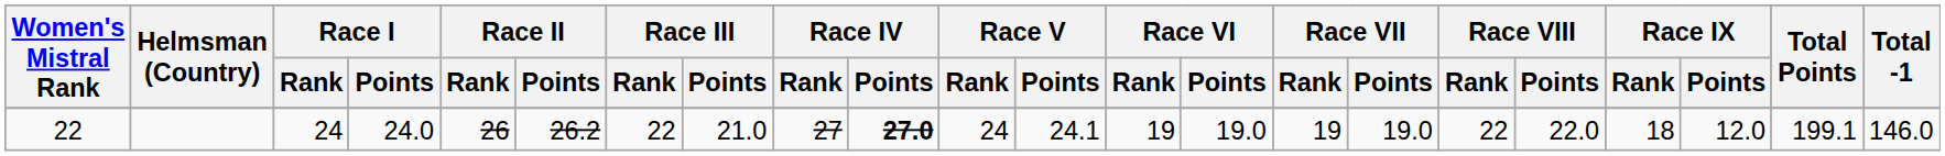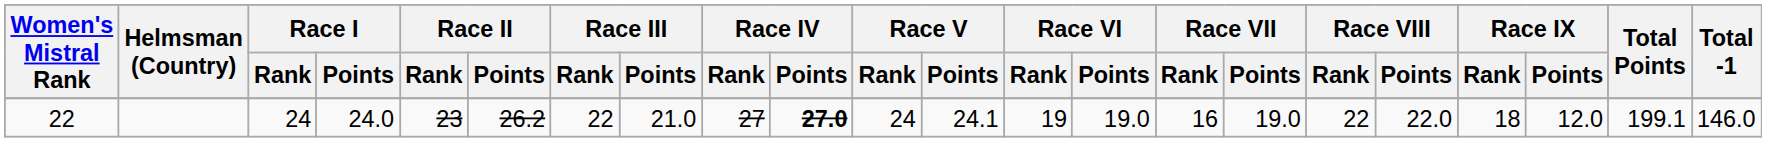 <table class="wikitable" style="text-align:right; font-size:80%">
 <tr>
 <th rowspan="2"><a href='#'>Women's Mistral</a><br>Rank</th>
 <th rowspan="2">Helmsman (Country)</th>
 <th colspan="2">Race I</th>
 <th colspan="2">Race II</th>
 <th colspan="2">Race III</th>
 <th colspan="2">Race IV</th>
 <th colspan="2">Race V</th>
 <th colspan="2">Race VI</th>
 <th colspan="2">Race VII</th>
 <th colspan="2">Race VIII</th>
 <th colspan="2">Race IX</th>
 <th rowspan="2">Total <br>Points <br></th>
 <th rowspan="2">Total<br>-1<br></th>
 </tr>
 <tr>
 <th>Rank</th>
 <th>Points</th>
 <th>Rank</th>
 <th>Points</th>
 <th>Rank</th>
 <th>Points</th>
 <th>Rank</th>
 <th>Points</th>
 <th>Rank</th>
 <th>Points</th>
 <th>Rank</th>
 <th>Points</th>
 <th>Rank</th>
 <th>Points</th>
 <th>Rank</th>
 <th>Points</th>
 <th>Rank</th>
 <th>Points</th>
 </tr>
 <tr style="vertical-align:top;">
 </tr>
 <tr>
 <td align=center>22</td>
 <td align=left></td>
 <td>24</td>
 <td>24.0</td>
-<td><s>26</s></td>
+<td><s>23</s></td>
 <td><s>26.2</s></td>
 <td>22</td>
 <td>21.0</td>
 <td><s>27</s></td>
 <td><strong><s>27.0</s></strong></td>
 <td>24</td>
 <td>24.1</td>
 <td>19</td>
 <td>19.0</td>
-<td>19</td>
+<td>16</td>
 <td>19.0</td>
 <td>22</td>
 <td>22.0</td>
 <td>18</td>
 <td>12.0</td>
 <td>199.1</td>
 <td>146.0</td>
 </tr>
 </table>
